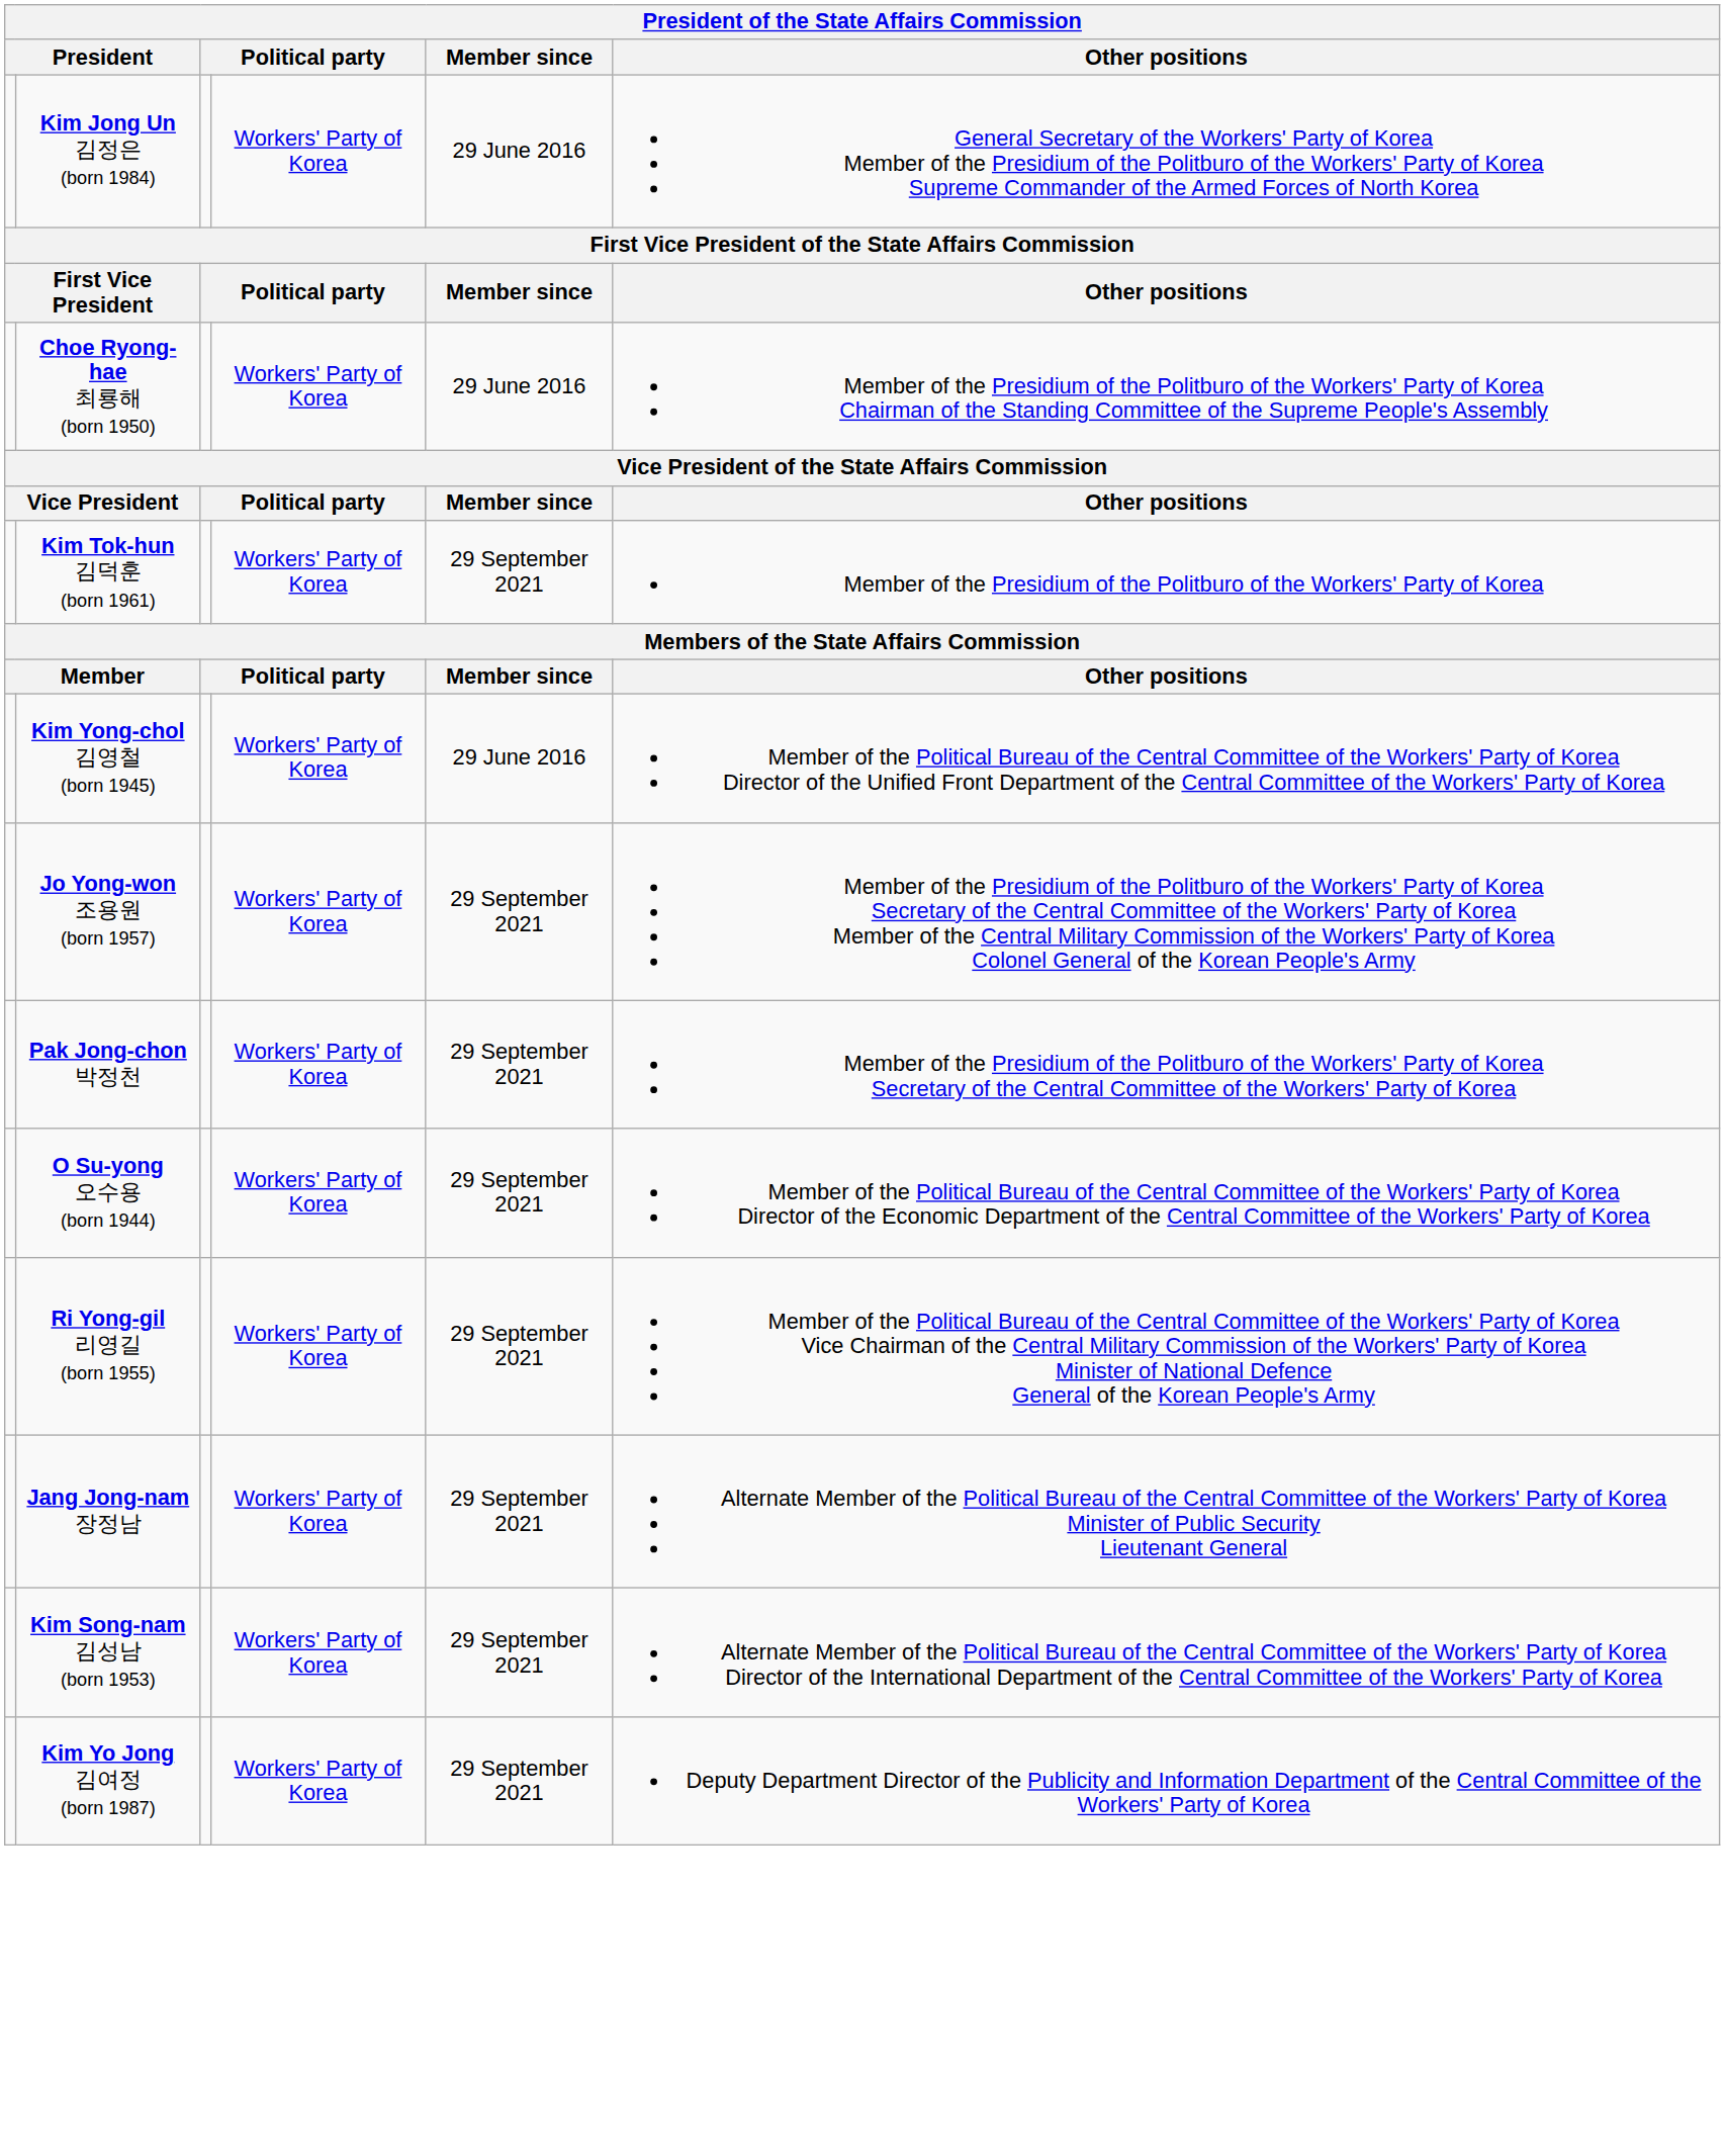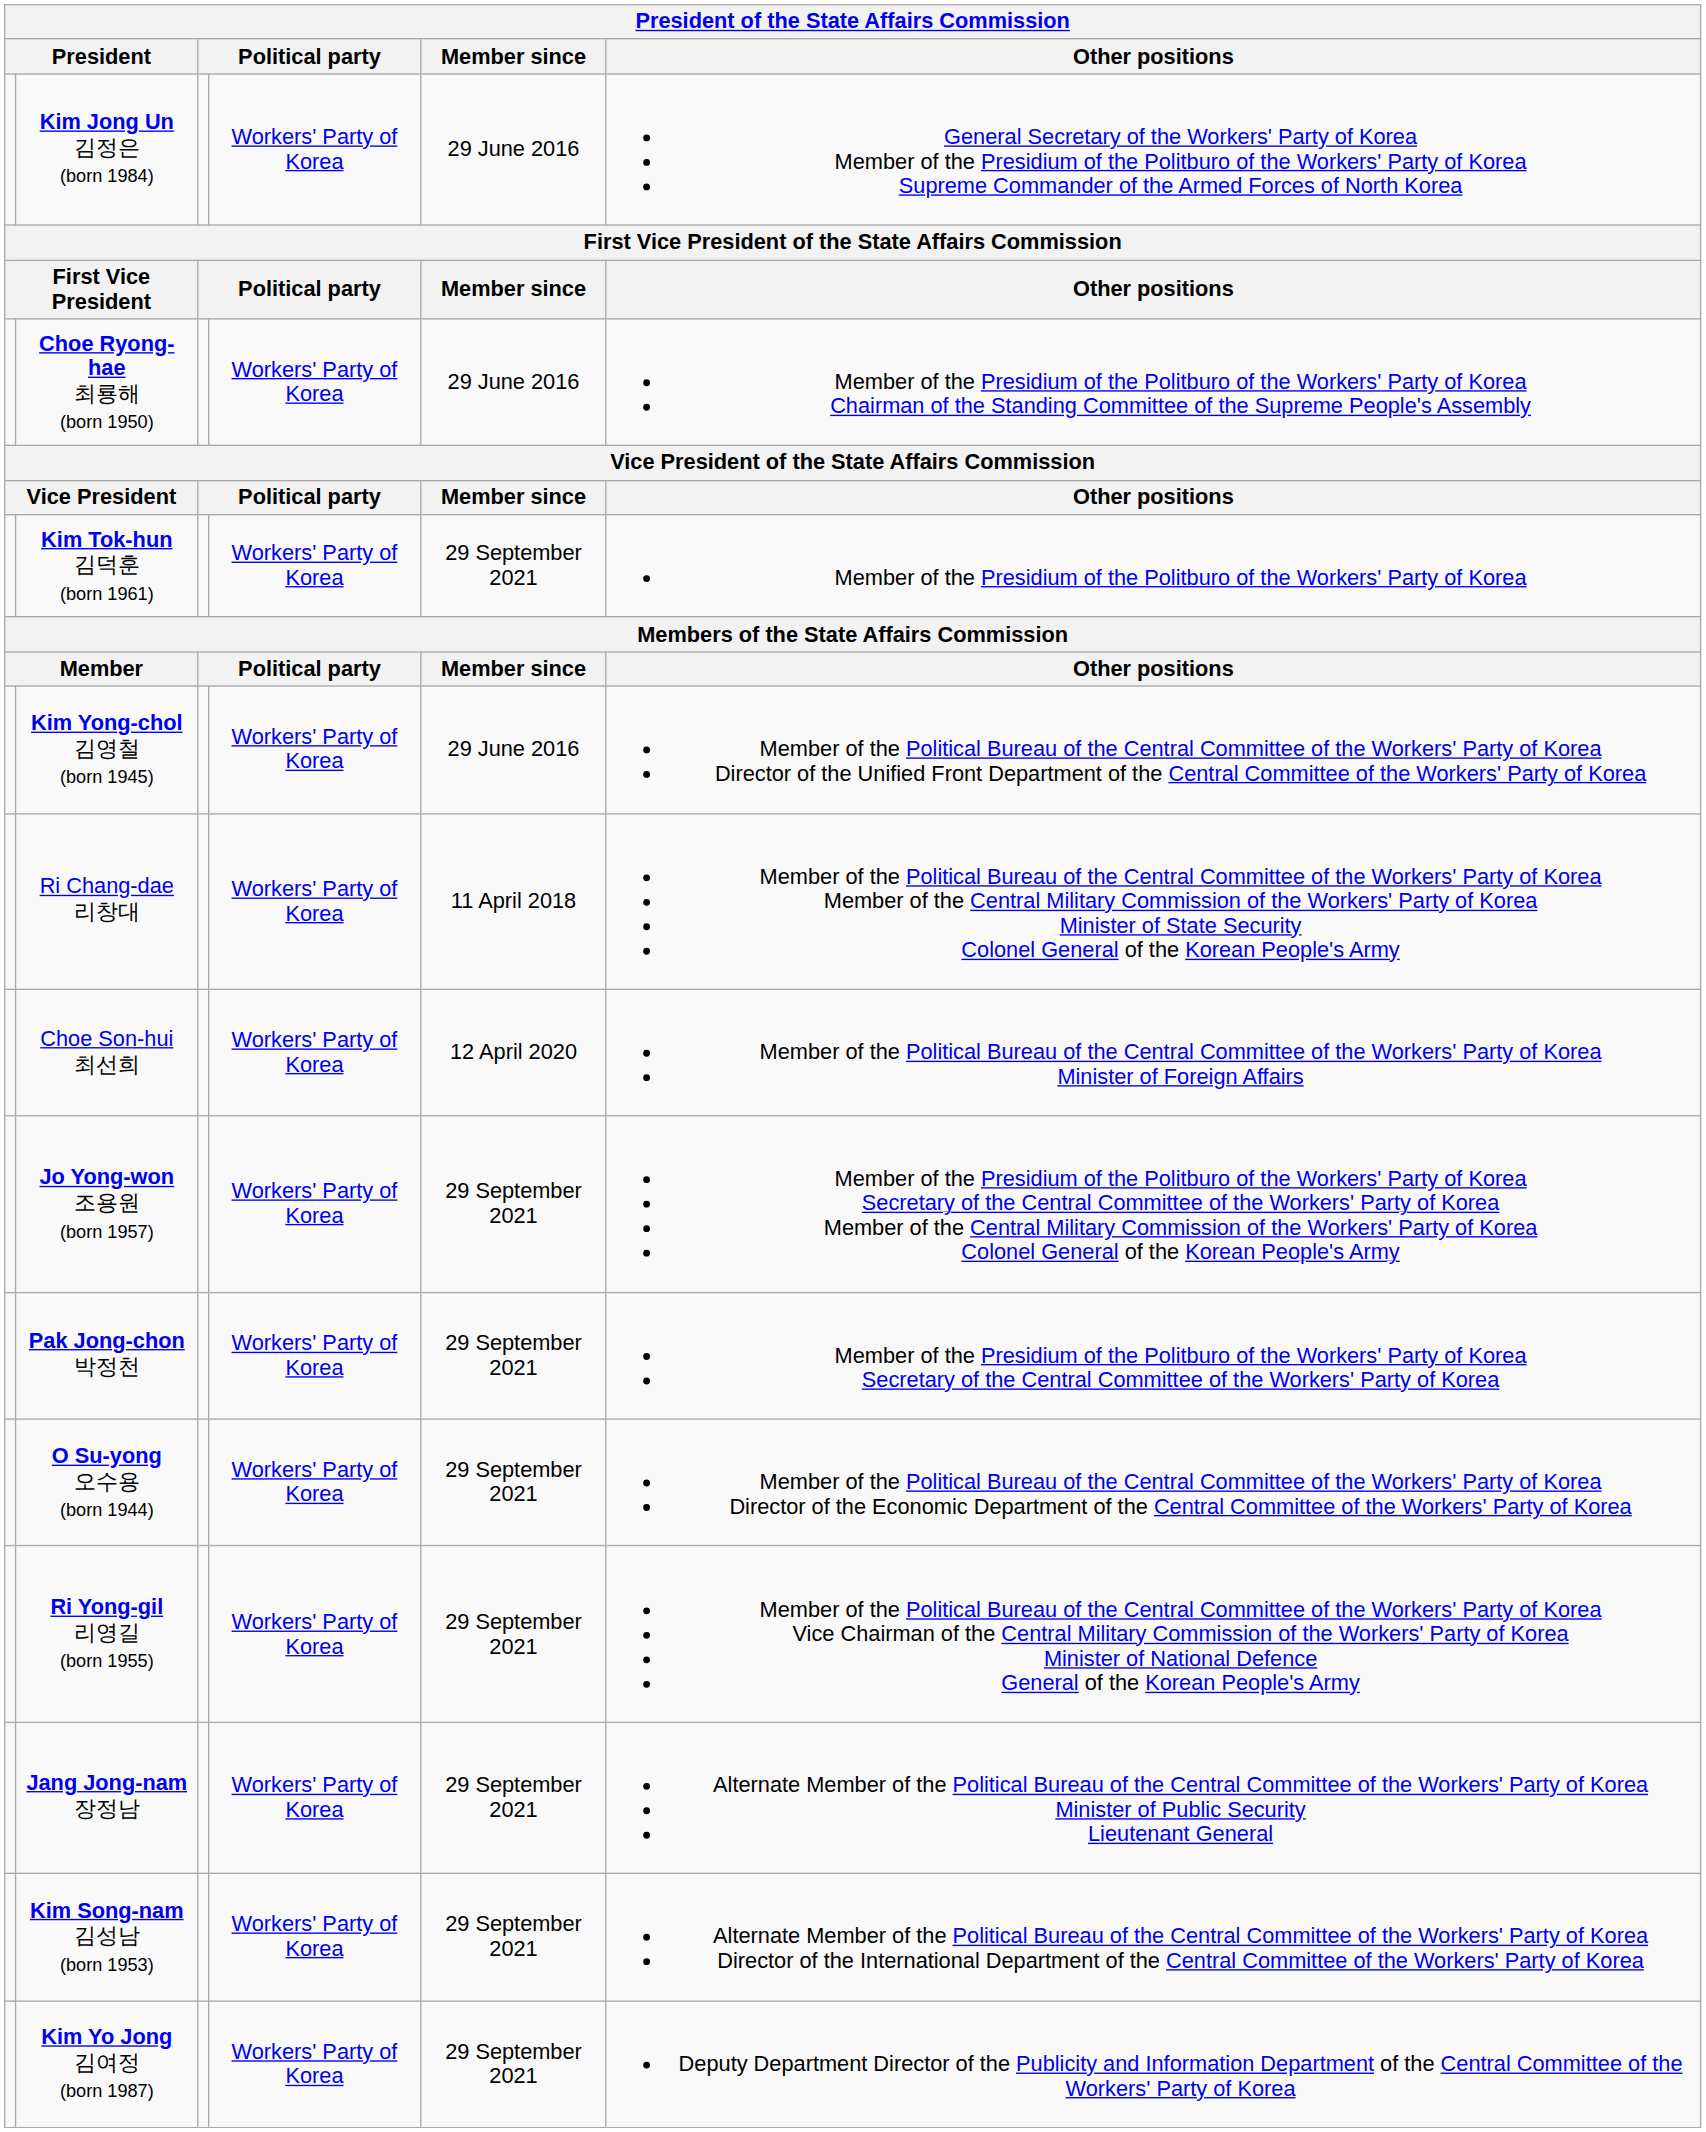 <table class="wikitable" style="text-align:center;">
 <tr>
 <th colspan="6"><a href='#'>President of the State Affairs Commission</a></th>
 </tr>
 <tr>
 <th colspan="2">President</th>
 <th colspan="2">Political party</th>
 <th>Member since</th>
 <th>Other positions</th>
 </tr>
 <tr>
 <td></td>
 <td><strong><a href='#'>Kim Jong Un</a></strong><br>김정은<br><small>(born 1984)</small></td>
 <td rowspan="1" style="background:"></td>
 <td><a href='#'>Workers' Party of Korea</a></td>
 <td>29 June 2016</td>
 <td><br><ul><li><a href='#'>General Secretary of the Workers' Party of Korea</a></li><li>Member of the <a href='#'>Presidium of the Politburo of the Workers' Party of Korea</a></li><li><a href='#'>Supreme Commander of the Armed Forces of North Korea</a></li></ul></td>
 </tr>
 <tr>
 <th colspan="6">First Vice President of the State Affairs Commission</th>
 </tr>
 <tr>
 <th colspan="2">First Vice President</th>
 <th colspan="2">Political party</th>
 <th>Member since</th>
 <th>Other positions</th>
 </tr>
 <tr>
 <td></td>
 <td><strong><a href='#'>Choe Ryong-hae</a></strong><br>최룡해<br><small>(born 1950)</small></td>
 <td rowspan="1" style="background:"></td>
 <td><a href='#'>Workers' Party of Korea</a></td>
 <td>29 June 2016</td>
 <td><br><ul><li>Member of the <a href='#'>Presidium of the Politburo of the Workers' Party of Korea</a></li><li><a href='#'>Chairman of the Standing Committee of the Supreme People's Assembly</a></li></ul></td>
 </tr>
 <tr>
 <th colspan="6">Vice President of the State Affairs Commission</th>
 </tr>
 <tr>
 <th colspan="2">Vice President</th>
 <th colspan="2">Political party</th>
 <th>Member since</th>
 <th>Other positions</th>
 </tr>
 <tr>
 <td></td>
 <td><strong><a href='#'>Kim Tok-hun</a></strong><br>김덕훈<br><small>(born 1961)</small></td>
 <td rowspan="1" style="background:"></td>
 <td><a href='#'>Workers' Party of Korea</a></td>
 <td>29 September 2021</td>
 <td><br><ul><li>Member of the <a href='#'>Presidium of the Politburo of the Workers' Party of Korea</a></li></ul></td>
 </tr>
 <tr>
 <th colspan="6">Members of the State Affairs Commission</th>
 </tr>
 <tr>
 <th colspan="2">Member</th>
 <th colspan="2">Political party</th>
 <th>Member since</th>
 <th>Other positions</th>
 </tr>
 <tr>
 <td></td>
 <td><strong><a href='#'>Kim Yong-chol</a></strong><br>김영철<br><small>(born 1945)</small></td>
 <td rowspan="1" style="background:"></td>
 <td><a href='#'>Workers' Party of Korea</a></td>
 <td>29 June 2016</td>
 <td><br><ul><li>Member of the <a href='#'>Political Bureau of the Central Committee of the Workers' Party of Korea</a></li><li>Director of the Unified Front Department of the <a href='#'>Central Committee of the Workers' Party of Korea</a></li></ul></td>
 </tr>
 <tr>
 <td></td>
+<td><a href='#'>Ri Chang-dae</a><br>리창대</td>
+<td rowspan="1" style="background:"></td>
+<td><a href='#'>Workers' Party of Korea</a></td>
+<td>11 April 2018</td>
+<td><br><ul><li>Member of the <a href='#'>Political Bureau of the Central Committee of the Workers' Party of Korea</a></li><li>Member of the <a href='#'>Central Military Commission of the Workers' Party of Korea</a></li><li><a href='#'>Minister of State Security</a></li><li><a href='#'>Colonel General</a> of the <a href='#'>Korean People's Army</a></li></ul></td>
+</tr>
+<tr>
+<td></td>
+<td><a href='#'>Choe Son-hui</a><br>최선희</td>
+<td rowspan="1" style="background:"></td>
+<td><a href='#'>Workers' Party of Korea</a></td>
+<td>12 April 2020</td>
+<td><br><ul><li>Member of the <a href='#'>Political Bureau of the Central Committee of the Workers' Party of Korea</a></li><li><a href='#'>Minister of Foreign Affairs</a></li></ul></td>
+</tr>
+<tr>
+<td></td>
 <td><strong><a href='#'>Jo Yong-won</a></strong><br>조용원<br><small>(born 1957)</small></td>
 <td rowspan="1" style="background:"></td>
 <td><a href='#'>Workers' Party of Korea</a></td>
 <td>29 September 2021</td>
 <td><br><ul><li>Member of the <a href='#'>Presidium of the Politburo of the Workers' Party of Korea</a></li><li><a href='#'>Secretary of the Central Committee of the Workers' Party of Korea</a></li><li>Member of the <a href='#'>Central Military Commission of the Workers' Party of Korea</a></li><li><a href='#'>Colonel General</a> of the <a href='#'>Korean People's Army</a></li></ul></td>
 </tr>
 <tr>
 <td></td>
 <td><strong><a href='#'>Pak Jong-chon</a></strong><br>박정천</td>
 <td rowspan="1" style="background:"></td>
 <td><a href='#'>Workers' Party of Korea</a></td>
 <td>29 September 2021</td>
 <td><br><ul><li>Member of the <a href='#'>Presidium of the Politburo of the Workers' Party of Korea</a></li><li><a href='#'>Secretary of the Central Committee of the Workers' Party of Korea</a></li></ul></td>
 </tr>
 <tr>
 <td></td>
 <td><strong><a href='#'>O Su-yong</a></strong><br>오수용<br><small>(born 1944)</small></td>
 <td rowspan="1" style="background:"></td>
 <td><a href='#'>Workers' Party of Korea</a></td>
 <td>29 September 2021</td>
 <td><br><ul><li>Member of the <a href='#'>Political Bureau of the Central Committee of the Workers' Party of Korea</a></li><li>Director of the Economic Department of the <a href='#'>Central Committee of the Workers' Party of Korea</a></li></ul></td>
 </tr>
 <tr>
 <td></td>
 <td><strong><a href='#'>Ri Yong-gil</a></strong><br>리영길<br><small>(born 1955)</small></td>
 <td rowspan="1" style="background:"></td>
 <td><a href='#'>Workers' Party of Korea</a></td>
 <td>29 September 2021</td>
 <td><br><ul><li>Member of the <a href='#'>Political Bureau of the Central Committee of the Workers' Party of Korea</a></li><li>Vice Chairman of the <a href='#'>Central Military Commission of the Workers' Party of Korea</a></li><li><a href='#'>Minister of National Defence</a></li><li><a href='#'>General</a> of the <a href='#'>Korean People's Army</a></li></ul></td>
 </tr>
 <tr>
 <td></td>
 <td><strong><a href='#'>Jang Jong-nam</a></strong><br>장정남</td>
 <td rowspan="1" style="background:"></td>
 <td><a href='#'>Workers' Party of Korea</a></td>
 <td>29 September 2021</td>
 <td><br><ul><li>Alternate Member of the <a href='#'>Political Bureau of the Central Committee of the Workers' Party of Korea</a></li><li><a href='#'>Minister of Public Security</a></li><li><a href='#'>Lieutenant General</a></li></ul></td>
 </tr>
 <tr>
 <td></td>
 <td><strong><a href='#'>Kim Song-nam</a></strong><br>김성남<br><small>(born 1953)</small></td>
 <td rowspan="1" style="background:"></td>
 <td><a href='#'>Workers' Party of Korea</a></td>
 <td>29 September 2021</td>
 <td><br><ul><li>Alternate Member of the <a href='#'>Political Bureau of the Central Committee of the Workers' Party of Korea</a></li><li>Director of the International Department of the <a href='#'>Central Committee of the Workers' Party of Korea</a></li></ul></td>
 </tr>
 <tr>
 <td></td>
 <td><strong><a href='#'>Kim Yo Jong</a></strong><br>김여정<br><small>(born 1987)</small></td>
 <td rowspan="1" style="background:"></td>
 <td><a href='#'>Workers' Party of Korea</a></td>
 <td>29 September 2021</td>
 <td><br><ul><li>Deputy Department Director of the <a href='#'>Publicity and Information Department</a> of the <a href='#'>Central Committee of the Workers' Party of Korea</a></li></ul></td>
 </tr>
 </table>
